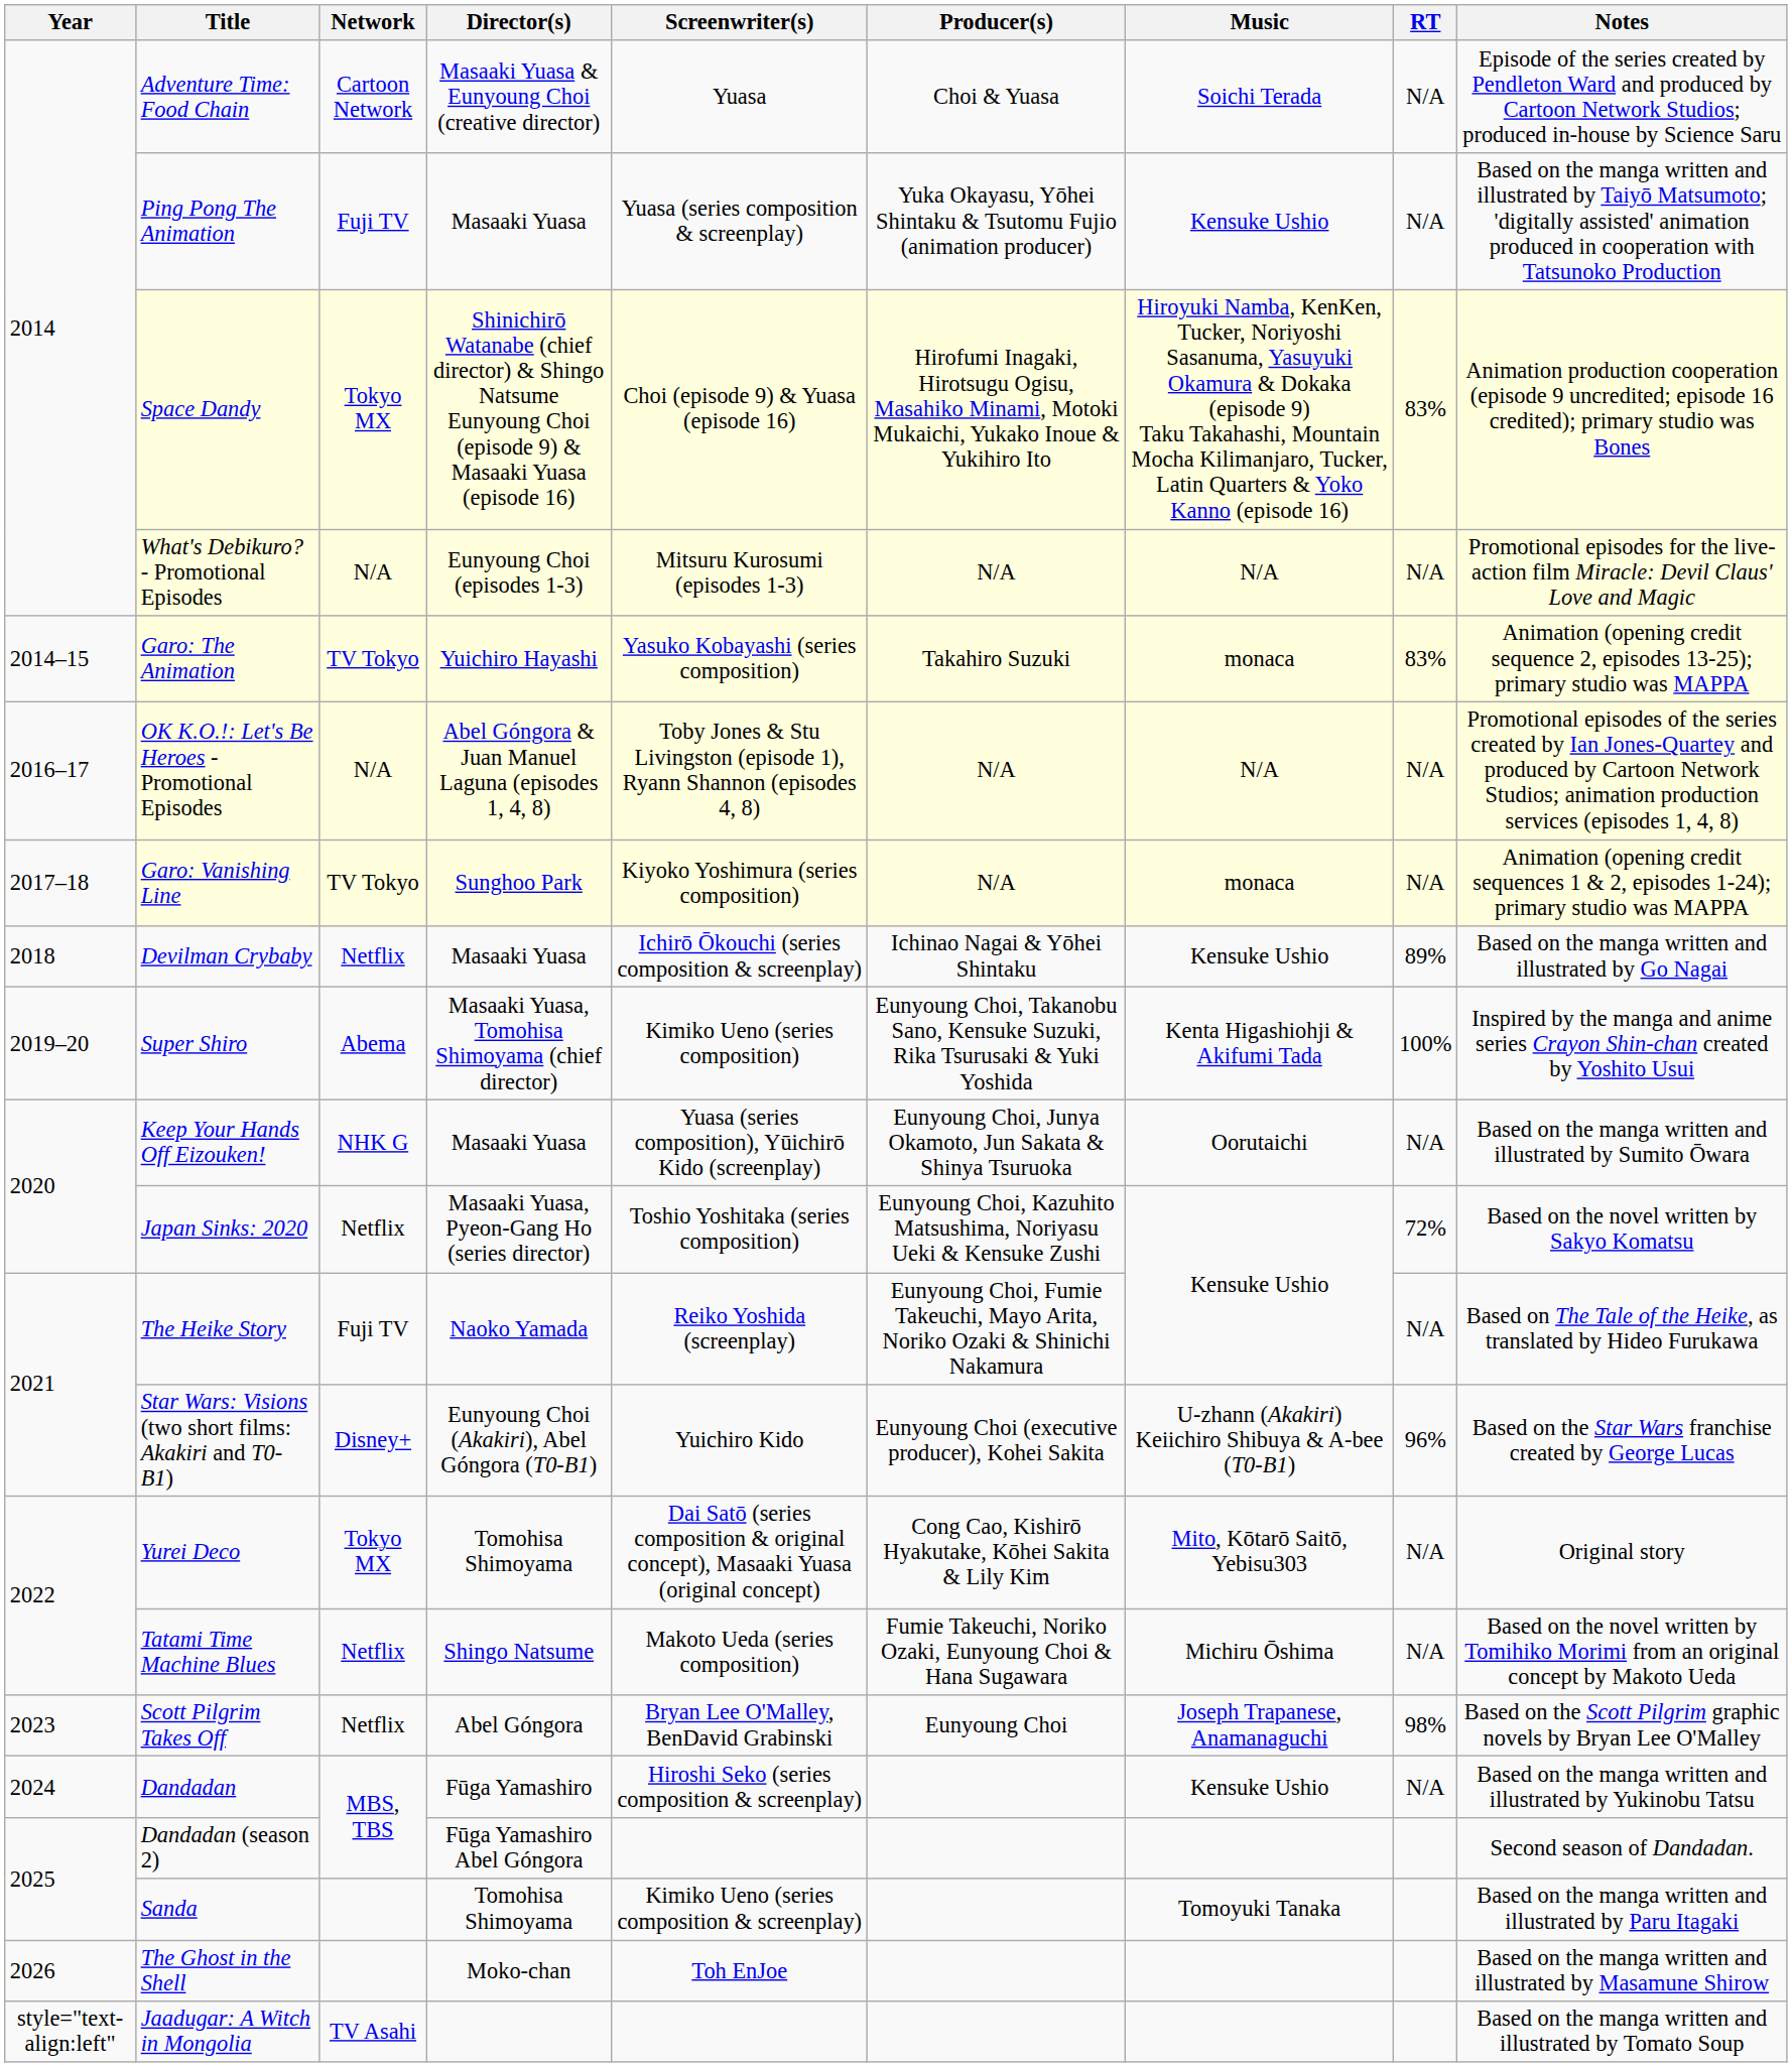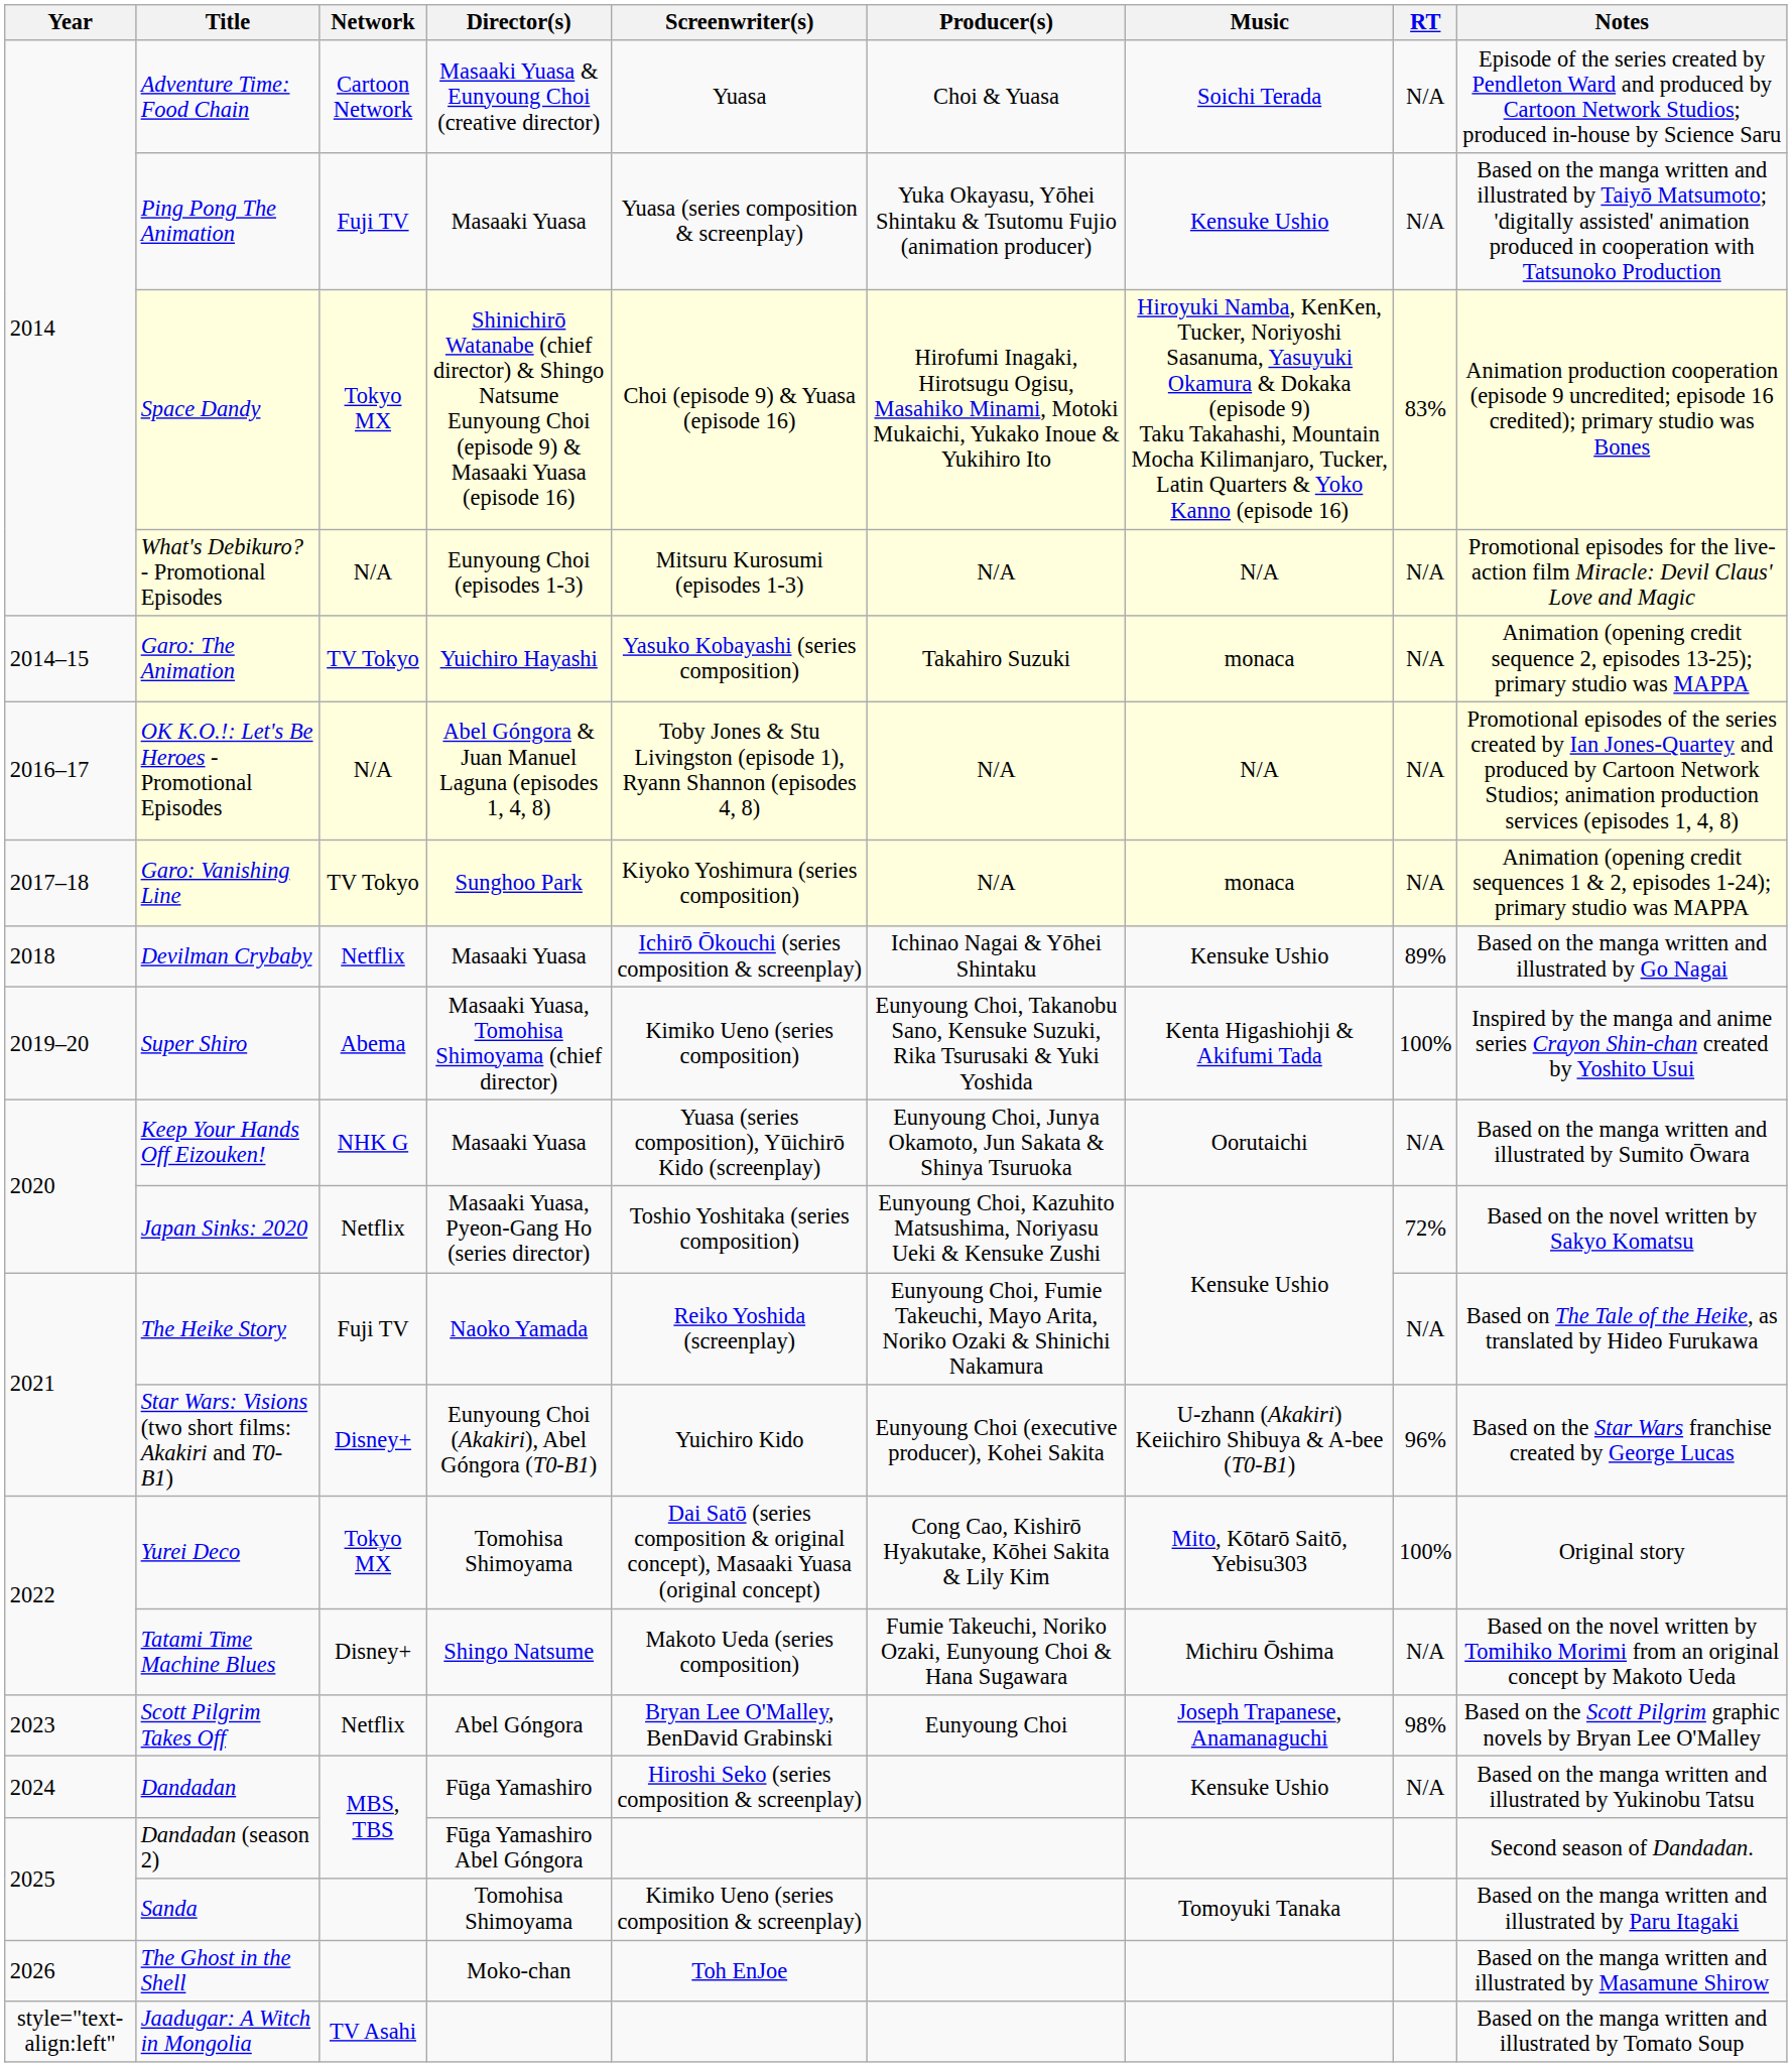 <table class="wikitable sortable"  style="text-align:center; width:100%;">
 <tr>
 <th data-sort-type="number">Year</th>
 <th data-sort-type="text">Title</th>
 <th data-sort-type="text">Network</th>
 <th data-sort-type="text">Director(s)</th>
 <th data-sort-type="text">Screenwriter(s)</th>
 <th data-sort-type="text">Producer(s)</th>
 <th data-sort-type="text">Music</th>
 <th data-sort-type="number"><a href='#'>RT</a></th>
 <th data-sort-type="text">Notes</th>
 </tr>
 <tr>
 <td rowspan="4" style="text-align:left">2014</td>
 <td style="text-align:left"><em><a href='#'>Adventure Time: Food Chain</a></em></td>
 <td><a href='#'>Cartoon Network</a></td>
 <td><a href='#'>Masaaki Yuasa</a> & <a href='#'>Eunyoung Choi</a> (creative director)</td>
 <td>Yuasa</td>
 <td>Choi & Yuasa</td>
 <td><a href='#'>Soichi Terada</a></td>
 <td>N/A</td>
 <td>Episode of the series created by <a href='#'>Pendleton Ward</a> and produced by <a href='#'>Cartoon Network Studios</a>; produced in-house by Science Saru</td>
 </tr>
 <tr>
 <td style="text-align:left"><em><a href='#'>Ping Pong The Animation</a></em></td>
 <td><a href='#'>Fuji TV</a></td>
 <td>Masaaki Yuasa</td>
 <td>Yuasa (series composition & screenplay)</td>
 <td>Yuka Okayasu, Yōhei Shintaku & Tsutomu Fujio (animation producer)</td>
 <td><a href='#'>Kensuke Ushio</a></td>
 <td>N/A</td>
 <td>Based on the manga written and illustrated by <a href='#'>Taiyō Matsumoto</a>; 'digitally assisted' animation produced in cooperation with <a href='#'>Tatsunoko Production</a></td>
 </tr>
 <tr>
 <td style="background: #FFD; text-align: left"><em><a href='#'>Space Dandy</a></em></td>
 <td style="background: #FFD"><a href='#'>Tokyo MX</a></td>
 <td style="background: #FFD"><a href='#'>Shinichirō Watanabe</a> (chief director) & Shingo Natsume<br>Eunyoung Choi (episode 9) & Masaaki Yuasa (episode 16)</td>
 <td style="background: #FFD">Choi (episode 9) & Yuasa (episode 16)</td>
 <td style="background: #FFD">Hirofumi Inagaki, Hirotsugu Ogisu, <a href='#'>Masahiko Minami</a>, Motoki Mukaichi, Yukako Inoue & Yukihiro Ito</td>
 <td style="background: #FFD"><a href='#'>Hiroyuki Namba</a>, KenKen, Tucker, Noriyoshi Sasanuma, <a href='#'>Yasuyuki Okamura</a> & Dokaka (episode 9)<br>Taku Takahashi, Mountain Mocha Kilimanjaro, Tucker, Latin Quarters & <a href='#'>Yoko Kanno</a> (episode 16)</td>
 <td style="background: #FFD">83%</td>
 <td style="background: #FFD">Animation production cooperation (episode 9 uncredited; episode 16 credited); primary studio was <a href='#'>Bones</a></td>
 </tr>
 <tr>
 <td style="background: #FFD; text-align: left"><em>What's Debikuro?</em> - Promotional Episodes</td>
 <td style="background: #FFD">N/A</td>
 <td style="background: #FFD">Eunyoung Choi (episodes 1-3)</td>
 <td style="background: #FFD">Mitsuru Kurosumi (episodes 1-3)</td>
 <td style="background: #FFD">N/A</td>
 <td style="background: #FFD">N/A</td>
 <td style="background: #FFD">N/A</td>
 <td style="background: #FFD">Promotional episodes for the live-action film <em>Miracle: Devil Claus' Love and Magic</em></td>
 </tr>
 <tr>
 <td style="text-align:left">2014–15</td>
 <td style="background: #FFD; text-align: left"><em><a href='#'>Garo: The Animation</a></em></td>
 <td style="background: #FFD"><a href='#'>TV Tokyo</a></td>
 <td style="background: #FFD"><a href='#'>Yuichiro Hayashi</a></td>
 <td style="background: #FFD"><a href='#'>Yasuko Kobayashi</a> (series composition)</td>
 <td style="background: #FFD">Takahiro Suzuki</td>
 <td style="background: #FFD">monaca</td>
-<td style="background: #FFD">83%</td>
+<td style="background: #FFD">N/A</td>
 <td style="background: #FFD">Animation (opening credit sequence 2, episodes 13-25); primary studio was <a href='#'>MAPPA</a></td>
 </tr>
 <tr>
 <td style="text-align:left">2016–17</td>
 <td style="background: #FFD; text-align: left"><em><a href='#'>OK K.O.!: Let's Be Heroes</a></em> - Promotional Episodes</td>
 <td style="background: #FFD">N/A</td>
 <td style="background: #FFD"><a href='#'>Abel Góngora</a> & Juan Manuel Laguna (episodes 1, 4, 8)</td>
 <td style="background: #FFD">Toby Jones & Stu Livingston (episode 1), Ryann Shannon (episodes 4, 8)</td>
 <td style="background: #FFD">N/A</td>
 <td style="background: #FFD">N/A</td>
 <td style="background: #FFD">N/A</td>
 <td style="background: #FFD">Promotional episodes of the series created by <a href='#'>Ian Jones-Quartey</a> and produced by Cartoon Network Studios; animation production services (episodes 1, 4, 8)</td>
 </tr>
 <tr>
 <td style="text-align:left">2017–18</td>
 <td style="background: #FFD; text-align: left"><em><a href='#'>Garo: Vanishing Line</a></em></td>
 <td style="background: #FFD">TV Tokyo</td>
 <td style="background: #FFD"><a href='#'>Sunghoo Park</a></td>
 <td style="background: #FFD">Kiyoko Yoshimura (series composition)</td>
 <td style="background: #FFD">N/A</td>
 <td style="background: #FFD">monaca</td>
 <td style="background: #FFD">N/A</td>
 <td style="background: #FFD">Animation (opening credit sequences 1 & 2, episodes 1-24); primary studio was MAPPA</td>
 </tr>
 <tr>
 <td style="text-align:left">2018</td>
 <td style="text-align:left"><em><a href='#'>Devilman Crybaby</a></em></td>
 <td><a href='#'>Netflix</a></td>
 <td>Masaaki Yuasa</td>
 <td><a href='#'>Ichirō Ōkouchi</a> (series composition & screenplay)</td>
 <td>Ichinao Nagai & Yōhei Shintaku</td>
 <td>Kensuke Ushio</td>
 <td>89%</td>
 <td>Based on the manga written and illustrated by <a href='#'>Go Nagai</a></td>
 </tr>
 <tr>
 <td style="text-align:left">2019–20</td>
 <td style="text-align:left"><em><a href='#'>Super Shiro</a></em></td>
 <td><a href='#'>Abema</a></td>
 <td>Masaaki Yuasa, <a href='#'>Tomohisa Shimoyama</a> (chief director)</td>
 <td>Kimiko Ueno (series composition)</td>
 <td>Eunyoung Choi, Takanobu Sano, Kensuke Suzuki, Rika Tsurusaki & Yuki Yoshida</td>
 <td>Kenta Higashiohji & <a href='#'>Akifumi Tada</a></td>
 <td>100%</td>
 <td>Inspired by the manga and anime series <em><a href='#'>Crayon Shin-chan</a></em> created by <a href='#'>Yoshito Usui</a></td>
 </tr>
 <tr>
 <td rowspan="2" style="text-align:left">2020</td>
 <td style="text-align:left"><em><a href='#'>Keep Your Hands Off Eizouken!</a></em></td>
 <td><a href='#'>NHK G</a></td>
 <td>Masaaki Yuasa</td>
 <td>Yuasa (series composition), Yūichirō Kido (screenplay)</td>
 <td>Eunyoung Choi, Junya Okamoto, Jun Sakata & Shinya Tsuruoka</td>
 <td>Oorutaichi</td>
 <td>N/A</td>
 <td>Based on the manga written and illustrated by Sumito Ōwara</td>
 </tr>
 <tr>
 <td style="text-align:left"><em><a href='#'>Japan Sinks: 2020</a></em></td>
 <td>Netflix</td>
 <td>Masaaki Yuasa, Pyeon-Gang Ho (series director)</td>
 <td>Toshio Yoshitaka (series composition)</td>
 <td>Eunyoung Choi, Kazuhito Matsushima, Noriyasu Ueki & Kensuke Zushi</td>
 <td rowspan="2">Kensuke Ushio</td>
 <td>72%</td>
 <td>Based on the novel written by <a href='#'>Sakyo Komatsu</a></td>
 </tr>
 <tr>
 <td rowspan="2" style="text-align:left">2021</td>
 <td style="text-align:left"><em><a href='#'>The Heike Story</a></em></td>
 <td>Fuji TV</td>
 <td><a href='#'>Naoko Yamada</a></td>
 <td><a href='#'>Reiko Yoshida</a> (screenplay)</td>
 <td>Eunyoung Choi, Fumie Takeuchi, Mayo Arita, Noriko Ozaki & Shinichi Nakamura</td>
 <td>N/A</td>
 <td>Based on <em><a href='#'>The Tale of the Heike</a></em>, as translated by Hideo Furukawa</td>
 </tr>
 <tr>
 <td style="text-align:left"><em><a href='#'>Star Wars: Visions</a></em> (two short films: <em>Akakiri</em> and <em>T0-B1</em>)</td>
 <td><a href='#'>Disney+</a></td>
 <td>Eunyoung Choi (<em>Akakiri</em>), Abel Góngora (<em>T0-B1</em>)</td>
 <td>Yuichiro Kido</td>
 <td>Eunyoung Choi (executive producer), Kohei Sakita</td>
 <td>U-zhann (<em>Akakiri</em>)<br>Keiichiro Shibuya & A-bee (<em>T0-B1</em>)</td>
 <td>96%</td>
 <td>Based on the <em><a href='#'>Star Wars</a></em> franchise created by <a href='#'>George Lucas</a></td>
 </tr>
 <tr>
 <td rowspan="2" style="text-align:left">2022</td>
 <td style="text-align:left"><em><a href='#'>Yurei Deco</a></em></td>
 <td><a href='#'>Tokyo MX</a></td>
 <td>Tomohisa Shimoyama</td>
 <td><a href='#'>Dai Satō</a> (series composition & original concept), Masaaki Yuasa (original concept)</td>
 <td>Cong Cao, Kishirō Hyakutake, Kōhei Sakita & Lily Kim</td>
 <td><a href='#'>Mito</a>, Kōtarō Saitō, Yebisu303</td>
-<td>N/A</td>
+<td>100%</td>
 <td>Original story</td>
 </tr>
 <tr>
 <td style="text-align:left"><em><a href='#'>Tatami Time Machine Blues</a></em></td>
-<td><a href='#'>Netflix</a></td>
+<td>Disney+</td>
 <td><a href='#'>Shingo Natsume</a></td>
 <td>Makoto Ueda (series composition)</td>
 <td>Fumie Takeuchi, Noriko Ozaki, Eunyoung Choi & Hana Sugawara</td>
 <td>Michiru Ōshima</td>
 <td>N/A</td>
 <td>Based on the novel written by <a href='#'>Tomihiko Morimi</a> from an original concept by Makoto Ueda</td>
 </tr>
 <tr>
 <td style="text-align:left">2023</td>
 <td style="text-align:left"><em><a href='#'>Scott Pilgrim Takes Off</a></em></td>
 <td>Netflix</td>
 <td>Abel Góngora</td>
 <td><a href='#'>Bryan Lee O'Malley</a>, BenDavid Grabinski</td>
 <td>Eunyoung Choi</td>
 <td><a href='#'>Joseph Trapanese</a>, <a href='#'>Anamanaguchi</a></td>
 <td>98%</td>
 <td>Based on the <em><a href='#'>Scott Pilgrim</a></em> graphic novels by Bryan Lee O'Malley</td>
 </tr>
 <tr>
 <td style="text-align:left">2024</td>
 <td style="text-align:left"><em><a href='#'>Dandadan</a></em></td>
 <td rowspan="2"><a href='#'>MBS</a>, <a href='#'>TBS</a></td>
 <td>Fūga Yamashiro</td>
 <td><a href='#'>Hiroshi Seko</a> (series composition & screenplay)</td>
 <td></td>
 <td>Kensuke Ushio</td>
 <td>N/A</td>
 <td>Based on the manga written and illustrated by Yukinobu Tatsu</td>
 </tr>
 <tr>
 <td style="text-align:left" rowspan="2">2025</td>
 <td style="text-align:left"><em>Dandadan</em> (season 2)</td>
 <td>Fūga Yamashiro<br>Abel Góngora</td>
 <td></td>
 <td></td>
 <td></td>
 <td></td>
 <td>Second season of <em>Dandadan</em>.</td>
 </tr>
 <tr>
 <td style="text-align:left"><em><a href='#'>Sanda</a></em></td>
 <td></td>
 <td>Tomohisa Shimoyama</td>
 <td>Kimiko Ueno (series composition & screenplay)</td>
 <td></td>
 <td>Tomoyuki Tanaka</td>
 <td></td>
 <td>Based on the manga written and illustrated by <a href='#'>Paru Itagaki</a></td>
 </tr>
 <tr>
 <td style="text-align:left">2026</td>
 <td style="text-align:left"><em><a href='#'>The Ghost in the Shell</a></em></td>
 <td></td>
 <td>Moko-chan</td>
 <td><a href='#'>Toh EnJoe</a></td>
 <td></td>
 <td></td>
 <td></td>
 <td>Based on the manga written and illustrated by <a href='#'>Masamune Shirow</a></td>
 </tr>
 <tr>
 <td>style="text-align:left" </td>
 <td style="text-align:left"><em><a href='#'>Jaadugar: A Witch in Mongolia</a></em></td>
 <td><a href='#'>TV Asahi</a></td>
 <td></td>
 <td></td>
 <td></td>
 <td></td>
 <td></td>
 <td>Based on the manga written and illustrated by Tomato Soup</td>
 </tr>
 </table>
